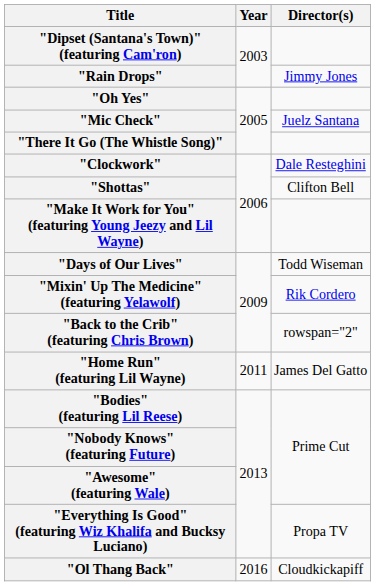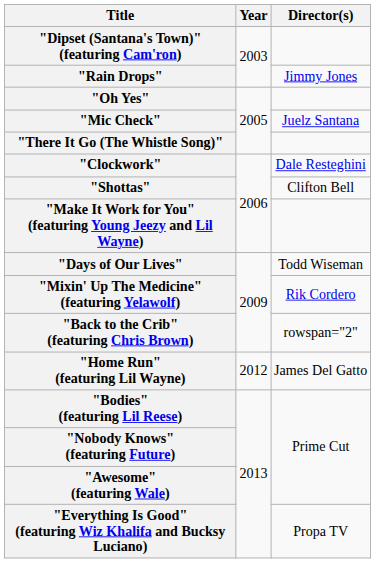 <table class="wikitable plainrowheaders" style="text-align:center;">
 <tr>
 <th scope="col" style="width:16em;">Title</th>
 <th scope="col">Year</th>
 <th scope="col">Director(s)</th>
 </tr>
 <tr>
 <th scope="row">"Dipset (Santana's Town)"<br><span>(featuring <a href='#'>Cam'ron</a>)</span></th>
 <td rowspan="2">2003</td>
 <td></td>
 </tr>
 <tr>
 <th scope="row">"Rain Drops"</th>
 <td><a href='#'>Jimmy Jones</a></td>
 </tr>
 <tr>
 <th scope="row">"Oh Yes"</th>
 <td rowspan="3">2005</td>
 <td></td>
 </tr>
 <tr>
 <th scope="row">"Mic Check"</th>
 <td><a href='#'>Juelz Santana</a></td>
 </tr>
 <tr>
 <th scope="row">"There It Go (The Whistle Song)"</th>
 <td></td>
 </tr>
 <tr>
 <th scope="row">"Clockwork"</th>
 <td rowspan="3">2006</td>
 <td><a href='#'>Dale Resteghini</a></td>
 </tr>
 <tr>
 <th scope="row">"Shottas"</th>
 <td>Clifton Bell</td>
 </tr>
 <tr>
 <th scope="row">"Make It Work for You"<br><span>(featuring <a href='#'>Young Jeezy</a> and <a href='#'>Lil Wayne</a>)</span></th>
 </tr>
 <tr>
 <th scope="row">"Days of Our Lives"</th>
 <td rowspan="3">2009</td>
 <td>Todd Wiseman</td>
 </tr>
 <tr>
 <th scope="row">"Mixin' Up The Medicine"<br><span>(featuring <a href='#'>Yelawolf</a>)</span></th>
 <td><a href='#'>Rik Cordero</a></td>
 </tr>
 <tr>
 <th scope="row">"Back to the Crib"<br><span>(featuring <a href='#'>Chris Brown</a>)</span></th>
 <td>rowspan="2" </td>
 </tr>
 <tr>
 <th scope="row">"Home Run"<br><span>(featuring Lil Wayne)</span></th>
-<td>2011</td>
+<td>2012</td>
 <td>James Del Gatto</td>
 </tr>
 <tr>
 <th scope="row">"Bodies"<br><span>(featuring <a href='#'>Lil Reese</a>)</span></th>
 <td rowspan="4">2013</td>
 <td rowspan="3">Prime Cut</td>
 </tr>
 <tr>
 <th scope="row">"Nobody Knows"<br><span>(featuring <a href='#'>Future</a>)</span></th>
 </tr>
 <tr>
 <th scope="row">"Awesome"<br><span>(featuring <a href='#'>Wale</a>)</span></th>
 </tr>
 <tr>
 <th scope="row">"Everything Is Good"<br><span>(featuring <a href='#'>Wiz Khalifa</a> and Bucksy Luciano)</span></th>
 <td>Propa TV</td>
 </tr>
-<tr>
-<th scope="row">"Ol Thang Back"</th>
-<td>2016</td>
-<td>Cloudkickapiff</td>
-</tr>
 </table>
